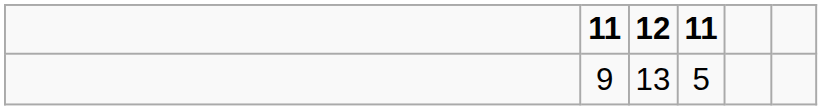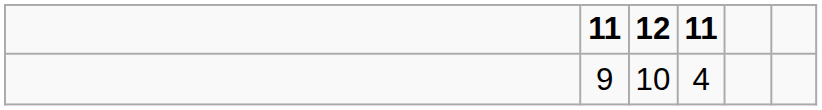 <table class="wikitable">
 <tr>
 <td style="width:18em"></td>
 <td align=center style="width:1em"><strong>11</strong></td>
 <td align=center style="width:1em"><strong>12</strong></td>
 <td align=center style="width:1em"><strong>11</strong></td>
 <td align=center style="width:1em"></td>
 <td align=center style="width:1em"></td>
 </tr>
 <tr>
 <td style="width:18em"></td>
 <td align=center style="width:1em">9</td>
-<td align=center style="width:1em">13</td>
-<td align=center style="width:1em">5</td>
+<td align=center style="width:1em">10</td>
+<td align=center style="width:1em">4</td>
 <td align=center style="width:1em"></td>
 <td align=center style="width:1em"></td>
 </tr>
 </table>
